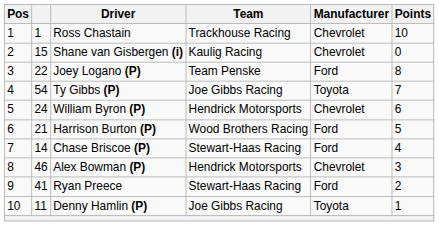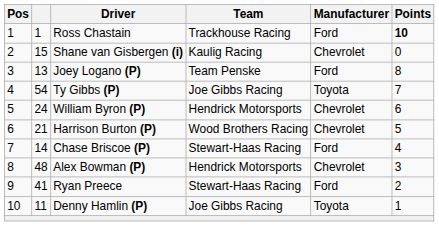 <table class="wikitable" style="font-size:98%">
 <tr>
 <th>Pos</th>
 <th></th>
 <th>Driver</th>
 <th>Team</th>
 <th>Manufacturer</th>
 <th>Points</th>
 </tr>
 <tr>
 <td>1</td>
 <td>1</td>
 <td>Ross Chastain</td>
 <td>Trackhouse Racing</td>
-<td>Chevrolet</td>
-<td>10</td>
+<td>Ford</td>
+<td><strong>10</strong></td>
 </tr>
 <tr>
 <td>2</td>
 <td>15</td>
 <td>Shane van Gisbergen <strong>(i)</strong></td>
 <td>Kaulig Racing</td>
 <td>Chevrolet</td>
 <td>0</td>
 </tr>
 <tr>
 <td>3</td>
-<td>22</td>
+<td>13</td>
 <td>Joey Logano <strong>(P)</strong></td>
 <td>Team Penske</td>
 <td>Ford</td>
 <td>8</td>
 </tr>
 <tr>
 <td>4</td>
 <td>54</td>
 <td>Ty Gibbs <strong>(P)</strong></td>
 <td>Joe Gibbs Racing</td>
 <td>Toyota</td>
 <td>7</td>
 </tr>
 <tr>
 <td>5</td>
 <td>24</td>
 <td>William Byron <strong>(P)</strong></td>
 <td>Hendrick Motorsports</td>
 <td>Chevrolet</td>
 <td>6</td>
 </tr>
 <tr>
 <td>6</td>
 <td>21</td>
 <td>Harrison Burton <strong>(P)</strong></td>
 <td>Wood Brothers Racing</td>
-<td>Ford</td>
+<td>Chevrolet</td>
 <td>5</td>
 </tr>
 <tr>
 <td>7</td>
 <td>14</td>
 <td>Chase Briscoe <strong>(P)</strong></td>
 <td>Stewart-Haas Racing</td>
 <td>Ford</td>
 <td>4</td>
 </tr>
 <tr>
 <td>8</td>
-<td>46</td>
+<td>48</td>
 <td>Alex Bowman <strong>(P)</strong></td>
 <td>Hendrick Motorsports</td>
 <td>Chevrolet</td>
 <td>3</td>
 </tr>
 <tr>
 <td>9</td>
 <td>41</td>
 <td>Ryan Preece</td>
 <td>Stewart-Haas Racing</td>
 <td>Ford</td>
 <td>2</td>
 </tr>
 <tr>
 <td>10</td>
 <td>11</td>
 <td>Denny Hamlin <strong>(P)</strong></td>
 <td>Joe Gibbs Racing</td>
 <td>Toyota</td>
 <td>1</td>
 </tr>
 <tr>
 <th colspan="6"></th>
 </tr>
 </table>
